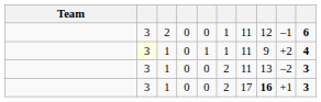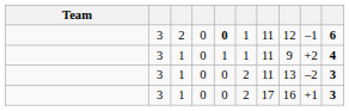 <table class="wikitable" style="text-align: center;">
 <tr>
 <th style="width:175px;">Team</th>
 <th width="20"></th>
 <th width="20"></th>
 <th width="20"></th>
 <th width="20"></th>
 <th width="20"></th>
 <th width="20"></th>
 <th width="20"></th>
 <th width="20"></th>
 <th width="20"></th>
 </tr>
 <tr>
 <td align=left></td>
 <td>3</td>
 <td>2</td>
 <td>0</td>
-<td>0</td>
+<td><strong>0</strong></td>
 <td>1</td>
 <td>11</td>
 <td>12</td>
 <td>–1</td>
 <td><strong>6</strong></td>
 </tr>
 <tr>
 <td align=left></td>
-<td style="background: lightyellow;">3</td>
+<td>3</td>
 <td>1</td>
 <td>0</td>
 <td>1</td>
 <td>1</td>
 <td>11</td>
 <td>9</td>
 <td>+2</td>
 <td><strong>4</strong></td>
 </tr>
 <tr>
 <td align=left></td>
 <td>3</td>
 <td>1</td>
 <td>0</td>
 <td>0</td>
 <td>2</td>
 <td>11</td>
 <td>13</td>
 <td>–2</td>
 <td><strong>3</strong></td>
 </tr>
 <tr>
 <td align=left></td>
 <td>3</td>
 <td>1</td>
 <td>0</td>
 <td>0</td>
 <td>2</td>
 <td>17</td>
-<td><strong>16</strong></td>
+<td>16</td>
 <td>+1</td>
 <td><strong>3</strong></td>
 </tr>
 </table>
